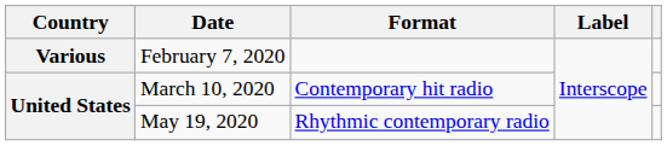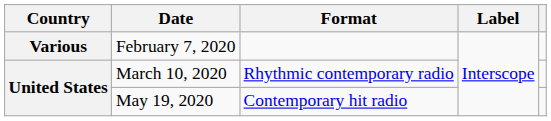 <table class="wikitable plainrowheaders" border="1">
 <tr>
 <th scope="col">Country</th>
 <th scope="col">Date</th>
 <th scope="col">Format</th>
 <th scope="col">Label</th>
 <th scope="col"></th>
 </tr>
 <tr>
 <th scope="row">Various</th>
 <td>February 7, 2020</td>
 <td></td>
 <td rowspan="3"><a href='#'>Interscope</a></td>
 <td align="center"></td>
 </tr>
 <tr>
 <th scope="row" rowspan="2">United States</th>
 <td>March 10, 2020</td>
-<td><a href='#'>Contemporary hit radio</a></td>
+<td><a href='#'>Rhythmic contemporary radio</a></td>
 <td align="center"></td>
 </tr>
 <tr>
 <td>May 19, 2020</td>
-<td><a href='#'>Rhythmic contemporary radio</a></td>
+<td><a href='#'>Contemporary hit radio</a></td>
 <td align="center"></td>
 </tr>
 </table>
